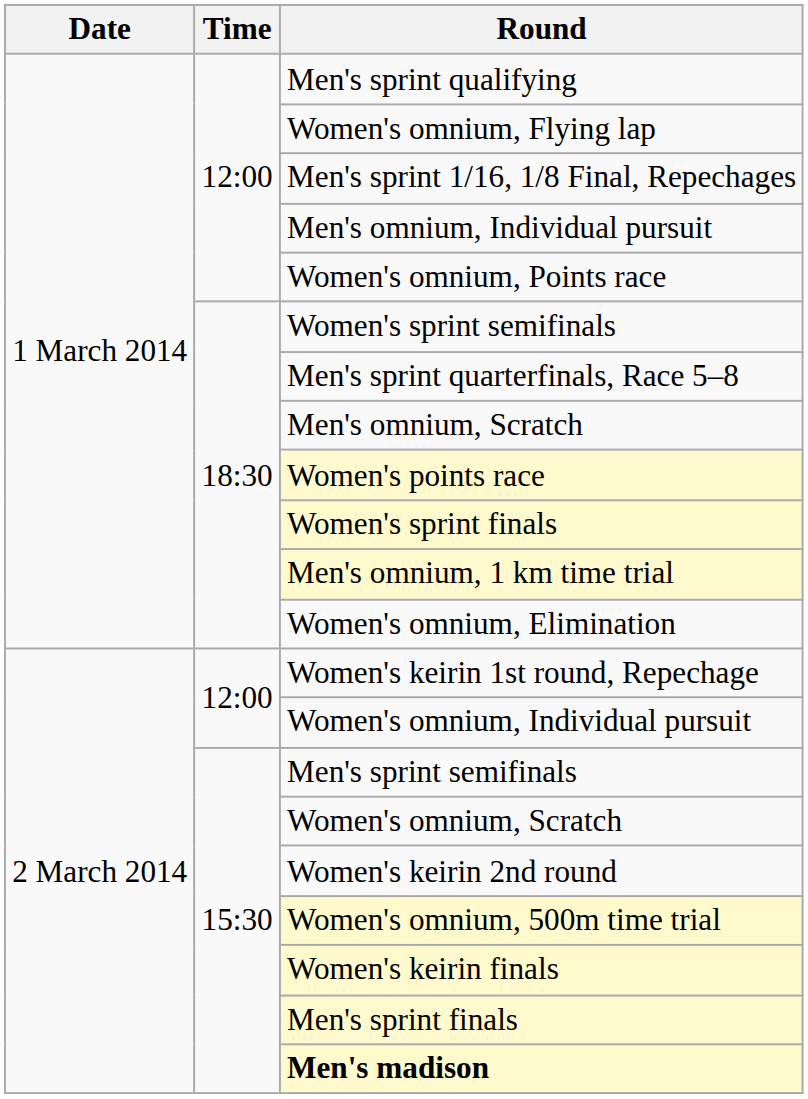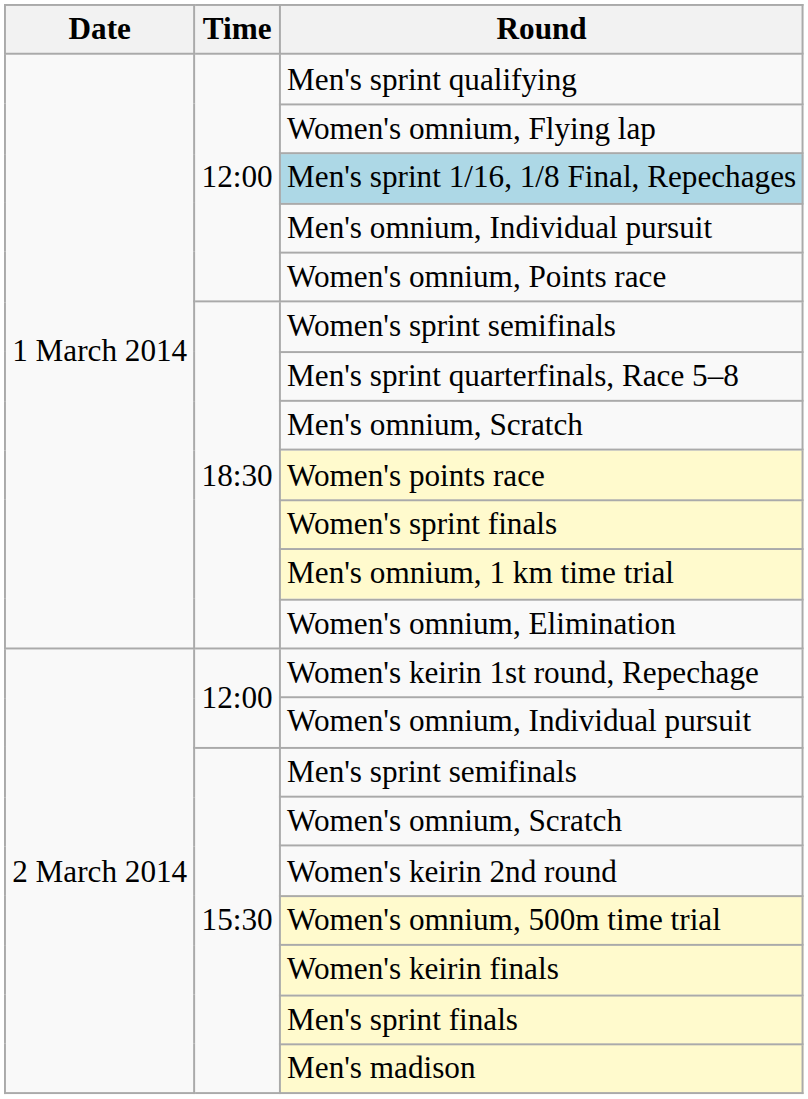 <table class="wikitable">
 <tr>
 <th>Date</th>
 <th>Time</th>
 <th>Round</th>
 </tr>
 <tr>
 <td rowspan=12>1 March 2014</td>
 <td rowspan=5>12:00</td>
 <td>Men's sprint qualifying</td>
 </tr>
 <tr>
 <td>Women's omnium, Flying lap</td>
 </tr>
 <tr>
-<td>Men's sprint 1/16, 1/8 Final, Repechages</td>
+<td style="background: lightblue;">Men's sprint 1/16, 1/8 Final, Repechages</td>
 </tr>
 <tr>
 <td>Men's omnium, Individual pursuit</td>
 </tr>
 <tr>
 <td>Women's omnium, Points race</td>
 </tr>
 <tr>
 <td rowspan=7>18:30</td>
 <td>Women's sprint semifinals</td>
 </tr>
 <tr>
 <td>Men's sprint quarterfinals, Race 5–8</td>
 </tr>
 <tr>
 <td>Men's omnium, Scratch</td>
 </tr>
 <tr>
 <td style="background:lemonchiffon">Women's points race</td>
 </tr>
 <tr>
 <td style="background:lemonchiffon">Women's sprint finals</td>
 </tr>
 <tr>
 <td style="background:lemonchiffon">Men's omnium, 1 km time trial</td>
 </tr>
 <tr>
 <td>Women's omnium, Elimination</td>
 </tr>
 <tr>
 <td rowspan=9>2 March 2014</td>
 <td rowspan=2>12:00</td>
 <td>Women's keirin 1st round, Repechage</td>
 </tr>
 <tr>
 <td>Women's omnium, Individual pursuit</td>
 </tr>
 <tr>
 <td rowspan=7>15:30</td>
 <td>Men's sprint semifinals</td>
 </tr>
 <tr>
 <td>Women's omnium, Scratch</td>
 </tr>
 <tr>
 <td>Women's keirin 2nd round</td>
 </tr>
 <tr>
 <td style="background:lemonchiffon">Women's omnium, 500m time trial</td>
 </tr>
 <tr>
 <td style="background:lemonchiffon">Women's keirin finals</td>
 </tr>
 <tr>
 <td style="background:lemonchiffon">Men's sprint finals</td>
 </tr>
 <tr>
-<td style="background:lemonchiffon"><strong>Men's madison</strong></td>
+<td style="background:lemonchiffon">Men's madison</td>
 </tr>
 </table>
